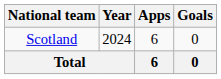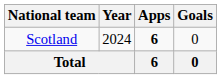 <table class=wikitable style=text-align:center>
 <tr>
 <th>National team</th>
 <th>Year</th>
 <th>Apps</th>
 <th>Goals</th>
 </tr>
 <tr>
 <td><a href='#'>Scotland</a></td>
 <td>2024</td>
-<td>6</td>
+<td><strong>6</strong></td>
 <td>0</td>
 </tr>
 <tr>
 <th colspan="2">Total</th>
 <th>6</th>
 <th>0</th>
 </tr>
 </table>
